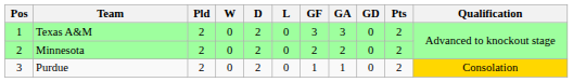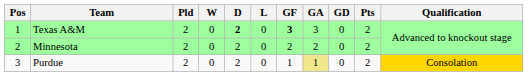 <table class="wikitable" style="text-align:center; margin: 1em auto">
 <tr>
 <th style="width:2em">Pos</th>
 <th style="width:13em">Team</th>
 <th style="width:2em">Pld</th>
 <th style="width:2em">W</th>
 <th style="width:2em">D</th>
 <th style="width:2em">L</th>
 <th style="width:2em">GF</th>
 <th style="width:2em">GA</th>
 <th style="width:2em">GD</th>
 <th style="width:2em">Pts</th>
 <th style="width:13em">Qualification</th>
 </tr>
 <tr bgcolor="#9eff9e">
 <td>1</td>
 <td style="text-align:left">Texas A&M</td>
 <td>2</td>
 <td>0</td>
-<td>2</td>
+<td><strong>2</strong></td>
 <td>0</td>
-<td>3</td>
+<td><strong>3</strong></td>
 <td>3</td>
 <td>0</td>
 <td>2</td>
 <td rowspan="2">Advanced to knockout stage</td>
 </tr>
 <tr bgcolor="#9eff9e">
 <td>2</td>
 <td style="text-align:left">Minnesota</td>
 <td>2</td>
 <td>0</td>
 <td>2</td>
 <td>0</td>
 <td>2</td>
 <td>2</td>
 <td>0</td>
 <td>2</td>
 </tr>
 <tr>
 <td>3</td>
 <td style="text-align:left">Purdue</td>
 <td>2</td>
 <td>0</td>
 <td>2</td>
 <td>0</td>
 <td>1</td>
-<td>1</td>
+<td style="background: khaki;">1</td>
 <td>0</td>
 <td>2</td>
 <td style="background: gold;">Consolation</td>
 </tr>
 </table>
